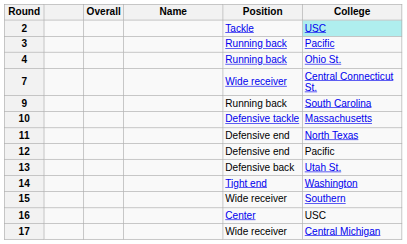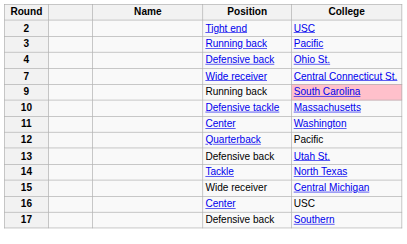 <table class="wikitable sortable" style="width: 50%;">
 <tr>
 <th scope="col" style="width: 10%;">Round</th>
 <th scope="col" style="width: 10%;"></th>
-<th scope="col" style="width: 10%;">Overall</th>
 <th scope="col" style="width: 25%;">Name</th>
 <th scope="col" style="width: 20%;">Position</th>
 <th scope="col" style="width: 25%;">College</th>
 </tr>
 <tr>
 <th scope="row">2</th>
 <td></td>
 <td></td>
-<td></td>
-<td><a href='#'>Tackle</a></td>
-<td style="background: paleturquoise;"><a href='#'>USC</a></td>
+<td><a href='#'>Tight end</a></td>
+<td><a href='#'>USC</a></td>
 </tr>
 <tr>
 <th scope="row">3</th>
-<td></td>
 <td></td>
 <td></td>
 <td><a href='#'>Running back</a></td>
 <td><a href='#'>Pacific</a></td>
 </tr>
 <tr>
 <th scope="row">4</th>
 <td></td>
 <td></td>
-<td></td>
-<td><a href='#'>Running back</a></td>
+<td><a href='#'>Defensive back</a></td>
 <td><a href='#'>Ohio St.</a></td>
 </tr>
 <tr>
 <th scope="row">7</th>
-<td></td>
 <td></td>
 <td></td>
 <td><a href='#'>Wide receiver</a></td>
 <td><a href='#'>Central Connecticut St.</a></td>
 </tr>
 <tr>
 <th scope="row">9</th>
 <td></td>
 <td></td>
-<td></td>
 <td>Running back</td>
-<td><a href='#'>South Carolina</a></td>
+<td style="background: pink;"><a href='#'>South Carolina</a></td>
 </tr>
 <tr>
 <th scope="row">10</th>
-<td></td>
 <td></td>
 <td></td>
 <td><a href='#'>Defensive tackle</a></td>
 <td><a href='#'>Massachusetts</a></td>
 </tr>
 <tr>
 <th scope="row">11</th>
 <td></td>
 <td></td>
-<td></td>
-<td>Defensive end</td>
-<td><a href='#'>North Texas</a></td>
+<td><a href='#'>Center</a></td>
+<td><a href='#'>Washington</a></td>
 </tr>
 <tr>
 <th scope="row">12</th>
 <td></td>
 <td></td>
-<td></td>
-<td>Defensive end</td>
+<td><a href='#'>Quarterback</a></td>
 <td>Pacific</td>
 </tr>
 <tr>
 <th scope="row">13</th>
-<td></td>
 <td></td>
 <td></td>
 <td>Defensive back</td>
 <td><a href='#'>Utah St.</a></td>
 </tr>
 <tr>
 <th scope="row">14</th>
 <td></td>
 <td></td>
-<td></td>
-<td><a href='#'>Tight end</a></td>
-<td><a href='#'>Washington</a></td>
+<td><a href='#'>Tackle</a></td>
+<td><a href='#'>North Texas</a></td>
 </tr>
 <tr>
 <th scope="row">15</th>
 <td></td>
 <td></td>
-<td></td>
 <td>Wide receiver</td>
-<td><a href='#'>Southern</a></td>
+<td><a href='#'>Central Michigan</a></td>
 </tr>
 <tr>
 <th scope="row">16</th>
-<td></td>
 <td></td>
 <td></td>
 <td><a href='#'>Center</a></td>
 <td>USC</td>
 </tr>
 <tr>
 <th scope="row">17</th>
 <td></td>
 <td></td>
-<td></td>
-<td>Wide receiver</td>
-<td><a href='#'>Central Michigan</a></td>
+<td>Defensive back</td>
+<td><a href='#'>Southern</a></td>
 </tr>
 </table>
